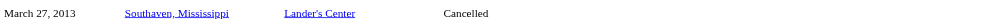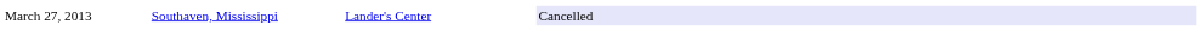 <table cellpadding="2" style="border:0 solid darkgrey; font-size:90%">
 <tr>
 <th style="width:150px;"></th>
 <th style="width:200px;"></th>
 <th style="width:200px;"></th>
 <th style="width:700px;"></th>
 </tr>
 <tr border="0">
 </tr>
 <tr>
 <td>March 27, 2013</td>
 <td><a href='#'>Southaven, Mississippi</a></td>
 <td><a href='#'>Lander's Center</a></td>
-<td>Cancelled</td>
+<td style="background: lavender;">Cancelled</td>
 </tr>
 <tr>
 </tr>
 </table>
